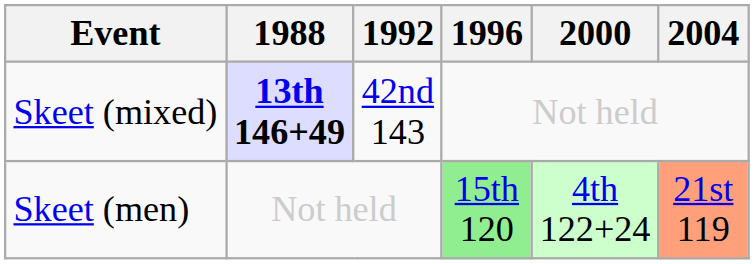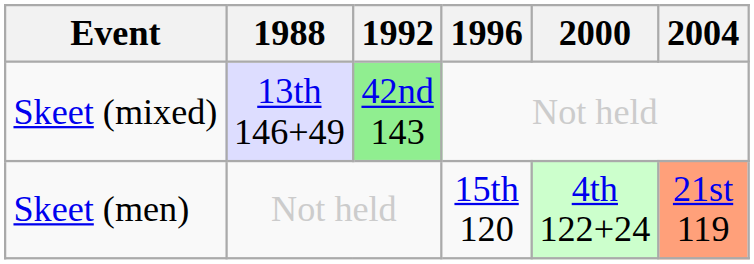 <table class="wikitable" style="text-align: center">
 <tr>
 <th>Event</th>
 <th>1988</th>
 <th>1992</th>
 <th>1996</th>
 <th>2000</th>
 <th>2004</th>
 </tr>
 <tr>
 <td align=left><a href='#'>Skeet</a> (mixed)</td>
-<td style="background: #ddddff"><strong><a href='#'>13th</a><br>146+49</strong></td>
-<td><a href='#'>42nd</a><br>143</td>
+<td style="background: #ddddff"><a href='#'>13th</a><br>146+49</td>
+<td style="background: lightgreen;"><a href='#'>42nd</a><br>143</td>
 <td colspan=3 style="color: #cccccc">Not held</td>
 </tr>
 <tr>
 <td align=left><a href='#'>Skeet</a> (men)</td>
 <td colspan=2 style="color: #cccccc">Not held</td>
-<td style="background: lightgreen;"><a href='#'>15th</a><br>120</td>
+<td><a href='#'>15th</a><br>120</td>
 <td style="background: #ccffcc"><a href='#'>4th</a><br>122+24</td>
 <td style="background: lightsalmon;"><a href='#'>21st</a><br>119</td>
 </tr>
 </table>
